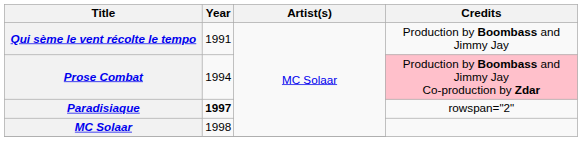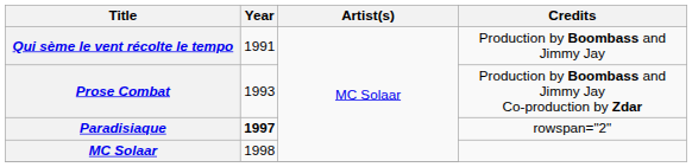 <table class="wikitable plainrowheaders" style="text-align:center;">
 <tr>
 <th scope="col" style="width:16.5em;">Title</th>
 <th scope="col">Year</th>
 <th scope="col" style="width:200px;">Artist(s)</th>
 <th scope="col" style="width:16em;">Credits</th>
 </tr>
 <tr>
 <th scope="row"><em><a href='#'>Qui sème le vent récolte le tempo</a></em></th>
 <td>1991</td>
 <td rowspan="4"><a href='#'>MC Solaar</a></td>
 <td>Production by <strong>Boombass</strong> and Jimmy Jay</td>
 </tr>
 <tr>
 <th scope="row"><em><a href='#'>Prose Combat</a></em></th>
-<td>1994</td>
-<td style="background: pink;">Production by <strong>Boombass</strong> and Jimmy Jay<br>Co-production by <strong>Zdar</strong></td>
+<td>1993</td>
+<td>Production by <strong>Boombass</strong> and Jimmy Jay<br>Co-production by <strong>Zdar</strong></td>
 </tr>
 <tr>
 <th scope="row"><em><a href='#'>Paradisiaque</a></em></th>
 <td><strong>1997</strong></td>
 <td>rowspan="2" </td>
 </tr>
 <tr>
 <th scope="row"><em><a href='#'>MC Solaar</a></em></th>
 <td>1998</td>
 </tr>
 <tr>
 </tr>
 </table>
